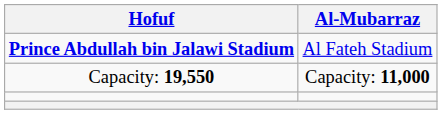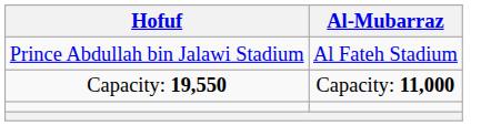 <table class="wikitable" style="text-align:center">
 <tr>
 <th> <a href='#'>Hofuf</a></th>
 <th> <a href='#'>Al-Mubarraz</a></th>
 </tr>
 <tr>
-<td><strong><a href='#'>Prince Abdullah bin Jalawi Stadium</a></strong></td>
+<td><a href='#'>Prince Abdullah bin Jalawi Stadium</a></td>
 <td><a href='#'>Al Fateh Stadium</a></td>
 </tr>
 <tr>
 <td>Capacity: <strong>19,550</strong></td>
 <td>Capacity: <strong>11,000</strong></td>
 </tr>
 <tr>
 <td></td>
 </tr>
 <tr>
 <th rowspan="4" colspan=2></th>
 </tr>
 </table>
